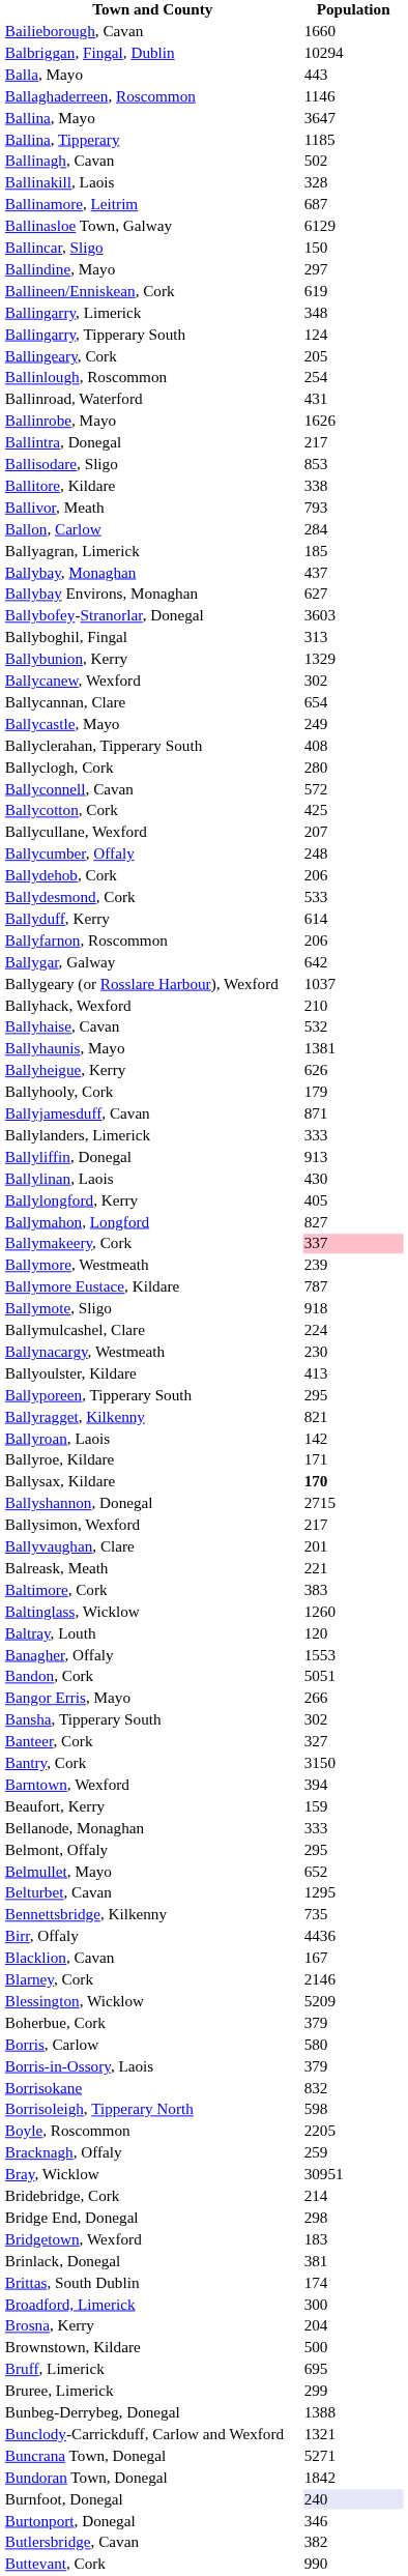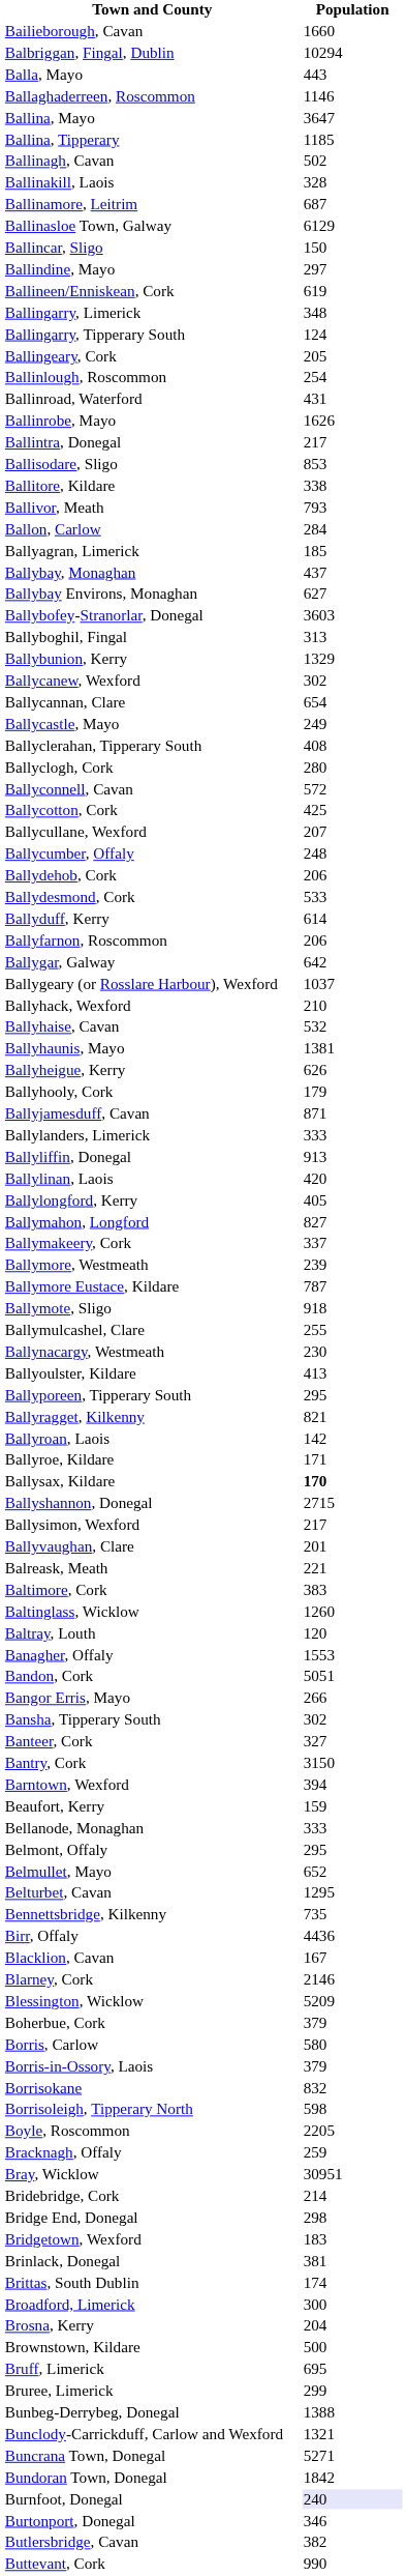 <table>
 <tr>
 <th style="width:300px;align:left;">Town and County</th>
 <th style="width:100px;align:right;">Population</th>
 </tr>
 <tr>
 <td><a href='#'>Bailieborough</a>, Cavan</td>
 <td>1660</td>
 </tr>
 <tr>
 <td><a href='#'>Balbriggan</a>, <a href='#'>Fingal</a>, <a href='#'>Dublin</a></td>
 <td>10294</td>
 </tr>
 <tr>
 <td><a href='#'>Balla</a>, Mayo</td>
 <td>443</td>
 </tr>
 <tr>
 <td><a href='#'>Ballaghaderreen</a>, <a href='#'>Roscommon</a></td>
 <td>1146</td>
 </tr>
 <tr>
 <td><a href='#'>Ballina</a>, Mayo</td>
 <td>3647</td>
 </tr>
 <tr>
 <td><a href='#'>Ballina</a>, <a href='#'>Tipperary</a></td>
 <td>1185</td>
 </tr>
 <tr>
 <td><a href='#'>Ballinagh</a>, Cavan</td>
 <td>502</td>
 </tr>
 <tr>
 <td><a href='#'>Ballinakill</a>, Laois</td>
 <td>328</td>
 </tr>
 <tr>
 <td><a href='#'>Ballinamore</a>, <a href='#'>Leitrim</a></td>
 <td>687</td>
 </tr>
 <tr>
 <td><a href='#'>Ballinasloe</a> Town, Galway</td>
 <td>6129</td>
 </tr>
 <tr>
 <td><a href='#'>Ballincar</a>, <a href='#'>Sligo</a></td>
 <td>150</td>
 </tr>
 <tr>
 <td><a href='#'>Ballindine</a>, Mayo</td>
 <td>297</td>
 </tr>
 <tr>
 <td><a href='#'>Ballineen/Enniskean</a>, Cork</td>
 <td>619</td>
 </tr>
 <tr>
 <td><a href='#'>Ballingarry</a>, Limerick</td>
 <td>348</td>
 </tr>
 <tr>
 <td><a href='#'>Ballingarry</a>, Tipperary South</td>
 <td>124</td>
 </tr>
 <tr>
 <td><a href='#'>Ballingeary</a>, Cork</td>
 <td>205</td>
 </tr>
 <tr>
 <td><a href='#'>Ballinlough</a>, Roscommon</td>
 <td>254</td>
 </tr>
 <tr>
 <td>Ballinroad, Waterford</td>
 <td>431</td>
 </tr>
 <tr>
 <td><a href='#'>Ballinrobe</a>, Mayo</td>
 <td>1626</td>
 </tr>
 <tr>
 <td><a href='#'>Ballintra</a>, Donegal</td>
 <td>217</td>
 </tr>
 <tr>
 <td><a href='#'>Ballisodare</a>, Sligo</td>
 <td>853</td>
 </tr>
 <tr>
 <td><a href='#'>Ballitore</a>, Kildare</td>
 <td>338</td>
 </tr>
 <tr>
 <td><a href='#'>Ballivor</a>, Meath</td>
 <td>793</td>
 </tr>
 <tr>
 <td><a href='#'>Ballon</a>, <a href='#'>Carlow</a></td>
 <td>284</td>
 </tr>
 <tr>
 <td>Ballyagran, Limerick</td>
 <td>185</td>
 </tr>
 <tr>
 <td><a href='#'>Ballybay</a>, <a href='#'>Monaghan</a></td>
 <td>437</td>
 </tr>
 <tr>
 <td><a href='#'>Ballybay</a> Environs, Monaghan</td>
 <td>627</td>
 </tr>
 <tr>
 <td><a href='#'>Ballybofey</a>-<a href='#'>Stranorlar</a>, Donegal</td>
 <td>3603</td>
 </tr>
 <tr>
 <td>Ballyboghil, Fingal</td>
 <td>313</td>
 </tr>
 <tr>
 <td><a href='#'>Ballybunion</a>, Kerry</td>
 <td>1329</td>
 </tr>
 <tr>
 <td><a href='#'>Ballycanew</a>, Wexford</td>
 <td>302</td>
 </tr>
 <tr>
 <td>Ballycannan, Clare</td>
 <td>654</td>
 </tr>
 <tr>
 <td><a href='#'>Ballycastle</a>, Mayo</td>
 <td>249</td>
 </tr>
 <tr>
 <td>Ballyclerahan, Tipperary South</td>
 <td>408</td>
 </tr>
 <tr>
 <td>Ballyclogh, Cork</td>
 <td>280</td>
 </tr>
 <tr>
 <td><a href='#'>Ballyconnell</a>, Cavan</td>
 <td>572</td>
 </tr>
 <tr>
 <td><a href='#'>Ballycotton</a>, Cork</td>
 <td>425</td>
 </tr>
 <tr>
 <td>Ballycullane, Wexford</td>
 <td>207</td>
 </tr>
 <tr>
 <td><a href='#'>Ballycumber</a>, <a href='#'>Offaly</a></td>
 <td>248</td>
 </tr>
 <tr>
 <td><a href='#'>Ballydehob</a>, Cork</td>
 <td>206</td>
 </tr>
 <tr>
 <td><a href='#'>Ballydesmond</a>, Cork</td>
 <td>533</td>
 </tr>
 <tr>
 <td><a href='#'>Ballyduff</a>, Kerry</td>
 <td>614</td>
 </tr>
 <tr>
 <td><a href='#'>Ballyfarnon</a>, Roscommon</td>
 <td>206</td>
 </tr>
 <tr>
 <td><a href='#'>Ballygar</a>, Galway</td>
 <td>642</td>
 </tr>
 <tr>
 <td>Ballygeary (or <a href='#'>Rosslare Harbour</a>), Wexford</td>
 <td>1037</td>
 </tr>
 <tr>
 <td>Ballyhack, Wexford</td>
 <td>210</td>
 </tr>
 <tr>
 <td><a href='#'>Ballyhaise</a>, Cavan</td>
 <td>532</td>
 </tr>
 <tr>
 <td><a href='#'>Ballyhaunis</a>, Mayo</td>
 <td>1381</td>
 </tr>
 <tr>
 <td><a href='#'>Ballyheigue</a>, Kerry</td>
 <td>626</td>
 </tr>
 <tr>
 <td>Ballyhooly, Cork</td>
 <td>179</td>
 </tr>
 <tr>
 <td><a href='#'>Ballyjamesduff</a>, Cavan</td>
 <td>871</td>
 </tr>
 <tr>
 <td>Ballylanders, Limerick</td>
 <td>333</td>
 </tr>
 <tr>
 <td><a href='#'>Ballyliffin</a>, Donegal</td>
 <td>913</td>
 </tr>
 <tr>
 <td><a href='#'>Ballylinan</a>, Laois</td>
-<td>430</td>
+<td>420</td>
 </tr>
 <tr>
 <td><a href='#'>Ballylongford</a>, Kerry</td>
 <td>405</td>
 </tr>
 <tr>
 <td><a href='#'>Ballymahon</a>, <a href='#'>Longford</a></td>
 <td>827</td>
 </tr>
 <tr>
 <td><a href='#'>Ballymakeery</a>, Cork</td>
-<td style="background: pink;">337</td>
+<td>337</td>
 </tr>
 <tr>
 <td><a href='#'>Ballymore</a>, Westmeath</td>
 <td>239</td>
 </tr>
 <tr>
 <td><a href='#'>Ballymore Eustace</a>, Kildare</td>
 <td>787</td>
 </tr>
 <tr>
 <td><a href='#'>Ballymote</a>, Sligo</td>
 <td>918</td>
 </tr>
 <tr>
 <td>Ballymulcashel, Clare</td>
-<td>224</td>
+<td>255</td>
 </tr>
 <tr>
 <td><a href='#'>Ballynacargy</a>, Westmeath</td>
 <td>230</td>
 </tr>
 <tr>
 <td>Ballyoulster, Kildare</td>
 <td>413</td>
 </tr>
 <tr>
 <td><a href='#'>Ballyporeen</a>, Tipperary South</td>
 <td>295</td>
 </tr>
 <tr>
 <td><a href='#'>Ballyragget</a>, <a href='#'>Kilkenny</a></td>
 <td>821</td>
 </tr>
 <tr>
 <td><a href='#'>Ballyroan</a>, Laois</td>
 <td>142</td>
 </tr>
 <tr>
 <td>Ballyroe, Kildare</td>
 <td>171</td>
 </tr>
 <tr>
 <td>Ballysax, Kildare</td>
 <td><strong>170</strong></td>
 </tr>
 <tr>
 <td><a href='#'>Ballyshannon</a>, Donegal</td>
 <td>2715</td>
 </tr>
 <tr>
 <td>Ballysimon, Wexford</td>
 <td>217</td>
 </tr>
 <tr>
 <td><a href='#'>Ballyvaughan</a>, Clare</td>
 <td>201</td>
 </tr>
 <tr>
 <td>Balreask, Meath</td>
 <td>221</td>
 </tr>
 <tr>
 <td><a href='#'>Baltimore</a>, Cork</td>
 <td>383</td>
 </tr>
 <tr>
 <td><a href='#'>Baltinglass</a>, Wicklow</td>
 <td>1260</td>
 </tr>
 <tr>
 <td><a href='#'>Baltray</a>, Louth</td>
 <td>120</td>
 </tr>
 <tr>
 <td><a href='#'>Banagher</a>, Offaly</td>
 <td>1553</td>
 </tr>
 <tr>
 <td><a href='#'>Bandon</a>, Cork</td>
 <td>5051</td>
 </tr>
 <tr>
 <td><a href='#'>Bangor Erris</a>, Mayo</td>
 <td>266</td>
 </tr>
 <tr>
 <td><a href='#'>Bansha</a>, Tipperary South</td>
 <td>302</td>
 </tr>
 <tr>
 <td><a href='#'>Banteer</a>, Cork</td>
 <td>327</td>
 </tr>
 <tr>
 <td><a href='#'>Bantry</a>, Cork</td>
 <td>3150</td>
 </tr>
 <tr>
 <td><a href='#'>Barntown</a>, Wexford</td>
 <td>394</td>
 </tr>
 <tr>
 <td>Beaufort, Kerry</td>
 <td>159</td>
 </tr>
 <tr>
 <td>Bellanode, Monaghan</td>
 <td>333</td>
 </tr>
 <tr>
 <td>Belmont, Offaly</td>
 <td>295</td>
 </tr>
 <tr>
 <td><a href='#'>Belmullet</a>, Mayo</td>
 <td>652</td>
 </tr>
 <tr>
 <td><a href='#'>Belturbet</a>, Cavan</td>
 <td>1295</td>
 </tr>
 <tr>
 <td><a href='#'>Bennettsbridge</a>, Kilkenny</td>
 <td>735</td>
 </tr>
 <tr>
 <td><a href='#'>Birr</a>, Offaly</td>
 <td>4436</td>
 </tr>
 <tr>
 <td><a href='#'>Blacklion</a>, Cavan</td>
 <td>167</td>
 </tr>
 <tr>
 <td><a href='#'>Blarney</a>, Cork</td>
 <td>2146</td>
 </tr>
 <tr>
 <td><a href='#'>Blessington</a>, Wicklow</td>
 <td>5209</td>
 </tr>
 <tr>
 <td>Boherbue, Cork</td>
 <td>379</td>
 </tr>
 <tr>
 <td><a href='#'>Borris</a>, Carlow</td>
 <td>580</td>
 </tr>
 <tr>
 <td><a href='#'>Borris-in-Ossory</a>, Laois</td>
 <td>379</td>
 </tr>
 <tr>
 <td><a href='#'>Borrisokane</a></td>
 <td>832</td>
 </tr>
 <tr>
 <td><a href='#'>Borrisoleigh</a>, <a href='#'>Tipperary North</a></td>
 <td>598</td>
 </tr>
 <tr>
 <td><a href='#'>Boyle</a>, Roscommon</td>
 <td>2205</td>
 </tr>
 <tr>
 <td><a href='#'>Bracknagh</a>, Offaly</td>
 <td>259</td>
 </tr>
 <tr>
 <td><a href='#'>Bray</a>, Wicklow</td>
 <td>30951</td>
 </tr>
 <tr>
 <td>Bridebridge, Cork</td>
 <td>214</td>
 </tr>
 <tr>
 <td>Bridge End, Donegal</td>
 <td>298</td>
 </tr>
 <tr>
 <td><a href='#'>Bridgetown</a>, Wexford</td>
 <td>183</td>
 </tr>
 <tr>
 <td>Brinlack, Donegal</td>
 <td>381</td>
 </tr>
 <tr>
 <td><a href='#'>Brittas</a>, South Dublin</td>
 <td>174</td>
 </tr>
 <tr>
 <td><a href='#'>Broadford, Limerick</a></td>
 <td>300</td>
 </tr>
 <tr>
 <td><a href='#'>Brosna</a>, Kerry</td>
 <td>204</td>
 </tr>
 <tr>
 <td>Brownstown, Kildare</td>
 <td>500</td>
 </tr>
 <tr>
 <td><a href='#'>Bruff</a>, Limerick</td>
 <td>695</td>
 </tr>
 <tr>
 <td>Bruree, Limerick</td>
 <td>299</td>
 </tr>
 <tr>
 <td>Bunbeg-Derrybeg, Donegal</td>
 <td>1388</td>
 </tr>
 <tr>
 <td><a href='#'>Bunclody</a>-Carrickduff, Carlow and Wexford</td>
 <td>1321</td>
 </tr>
 <tr>
 <td><a href='#'>Buncrana</a> Town, Donegal</td>
 <td>5271</td>
 </tr>
 <tr>
 <td><a href='#'>Bundoran</a> Town, Donegal</td>
 <td>1842</td>
 </tr>
 <tr>
 <td>Burnfoot, Donegal</td>
 <td style="background: lavender;">240</td>
 </tr>
 <tr>
 <td><a href='#'>Burtonport</a>, Donegal</td>
 <td>346</td>
 </tr>
 <tr>
 <td><a href='#'>Butlersbridge</a>, Cavan</td>
 <td>382</td>
 </tr>
 <tr>
 <td><a href='#'>Buttevant</a>, Cork</td>
 <td>990</td>
 </tr>
 </table>
